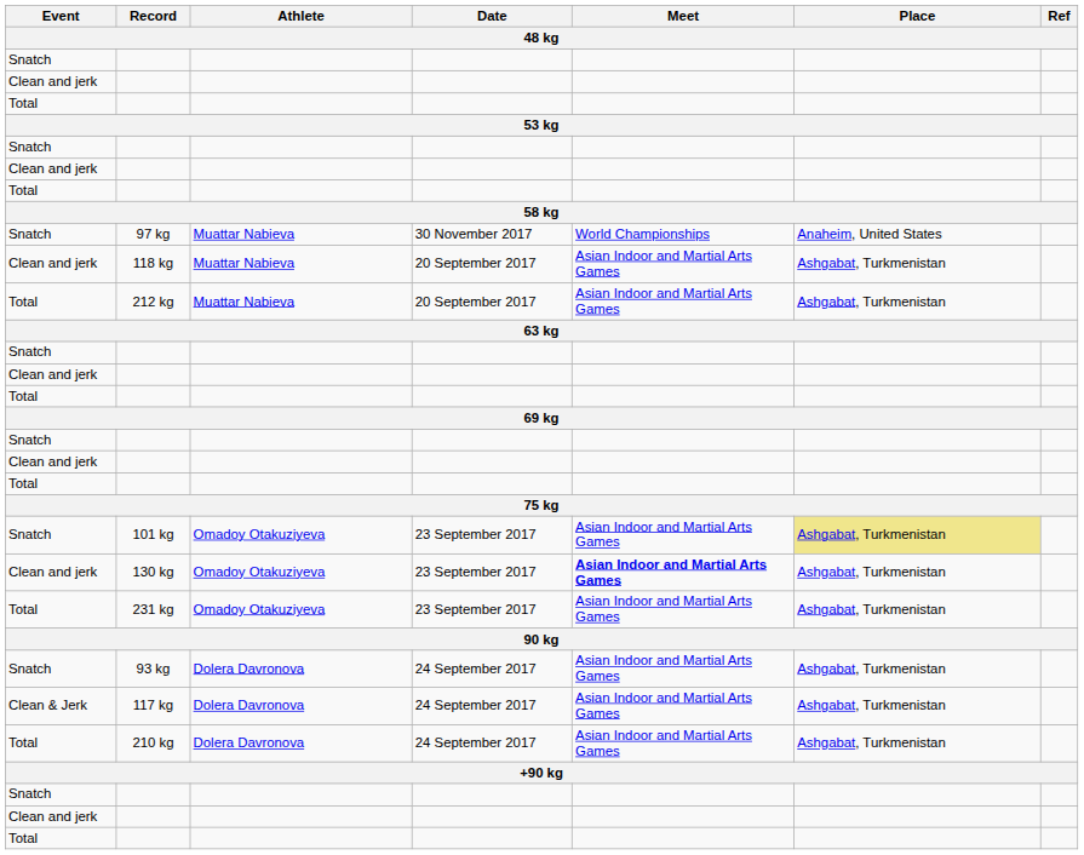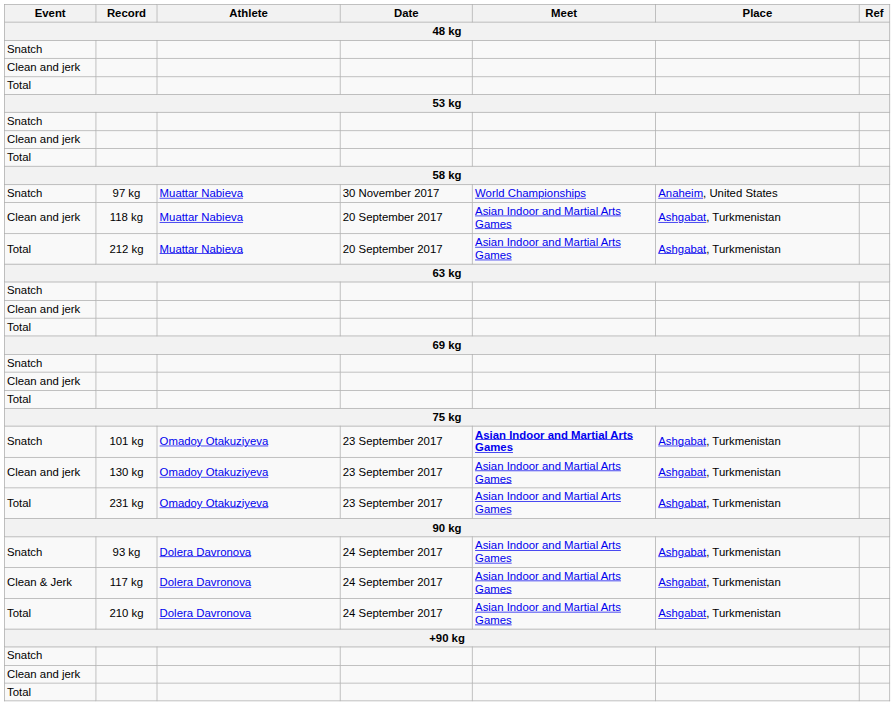 <table class="wikitable">
 <tr>
 <th width=9%>Event</th>
 <th width=6%>Record</th>
 <th width=18%>Athlete</th>
 <th width=13%>Date</th>
 <th width=18%>Meet</th>
 <th width=20%>Place</th>
 <th width=3%>Ref</th>
 </tr>
 <tr bgcolor="#DDDDDD">
 <th colspan="8">48 kg</th>
 </tr>
 <tr>
 <td>Snatch</td>
 <td></td>
 <td></td>
 <td></td>
 <td></td>
 <td></td>
 <td></td>
 </tr>
 <tr>
 <td>Clean and jerk</td>
 <td></td>
 <td></td>
 <td></td>
 <td></td>
 <td></td>
 <td></td>
 </tr>
 <tr>
 <td>Total</td>
 <td></td>
 <td></td>
 <td></td>
 <td></td>
 <td></td>
 <td></td>
 </tr>
 <tr bgcolor="#DDDDDD">
 <th colspan="8">53 kg</th>
 </tr>
 <tr>
 <td>Snatch</td>
 <td></td>
 <td></td>
 <td></td>
 <td></td>
 <td></td>
 <td></td>
 </tr>
 <tr>
 <td>Clean and jerk</td>
 <td align="center"></td>
 <td></td>
 <td></td>
 <td></td>
 <td></td>
 <td></td>
 </tr>
 <tr>
 <td>Total</td>
 <td></td>
 <td></td>
 <td></td>
 <td></td>
 <td></td>
 <td></td>
 </tr>
 <tr bgcolor="#DDDDDD">
 <th colspan="8">58 kg</th>
 </tr>
 <tr>
 <td>Snatch</td>
 <td align="center">97 kg</td>
 <td><a href='#'>Muattar Nabieva</a></td>
 <td>30 November 2017</td>
 <td><a href='#'>World Championships</a></td>
 <td><a href='#'>Anaheim</a>, United States</td>
 <td></td>
 </tr>
 <tr>
 <td>Clean and jerk</td>
 <td align="center">118 kg</td>
 <td><a href='#'>Muattar Nabieva</a></td>
 <td>20 September 2017</td>
 <td><a href='#'>Asian Indoor and Martial Arts Games</a></td>
 <td><a href='#'>Ashgabat</a>, Turkmenistan</td>
 <td></td>
 </tr>
 <tr>
 <td>Total</td>
 <td align="center">212 kg</td>
 <td><a href='#'>Muattar Nabieva</a></td>
 <td>20 September 2017</td>
 <td><a href='#'>Asian Indoor and Martial Arts Games</a></td>
 <td><a href='#'>Ashgabat</a>, Turkmenistan</td>
 <td></td>
 </tr>
 <tr bgcolor="#DDDDDD">
 <th colspan="8">63 kg</th>
 </tr>
 <tr>
 <td>Snatch</td>
 <td></td>
 <td></td>
 <td></td>
 <td></td>
 <td></td>
 <td></td>
 </tr>
 <tr>
 <td>Clean and jerk</td>
 <td></td>
 <td></td>
 <td></td>
 <td></td>
 <td></td>
 <td></td>
 </tr>
 <tr>
 <td>Total</td>
 <td></td>
 <td></td>
 <td></td>
 <td></td>
 <td></td>
 <td></td>
 </tr>
 <tr bgcolor="#DDDDDD">
 <th colspan="8">69 kg</th>
 </tr>
 <tr>
 <td>Snatch</td>
 <td></td>
 <td></td>
 <td></td>
 <td></td>
 <td></td>
 <td></td>
 </tr>
 <tr>
 <td>Clean and jerk</td>
 <td></td>
 <td></td>
 <td></td>
 <td></td>
 <td></td>
 <td></td>
 </tr>
 <tr>
 <td>Total</td>
 <td></td>
 <td></td>
 <td></td>
 <td></td>
 <td></td>
 <td></td>
 </tr>
 <tr bgcolor="#DDDDDD">
 <th colspan="8">75 kg</th>
 </tr>
 <tr>
 <td>Snatch</td>
 <td align="center">101 kg</td>
 <td><a href='#'>Omadoy Otakuziyeva</a></td>
 <td>23 September 2017</td>
-<td><a href='#'>Asian Indoor and Martial Arts Games</a></td>
-<td style="background: khaki;"><a href='#'>Ashgabat</a>, Turkmenistan</td>
+<td><strong><a href='#'>Asian Indoor and Martial Arts Games</a></strong></td>
+<td><a href='#'>Ashgabat</a>, Turkmenistan</td>
 <td></td>
 </tr>
 <tr>
 <td>Clean and jerk</td>
 <td align="center">130 kg</td>
 <td><a href='#'>Omadoy Otakuziyeva</a></td>
 <td>23 September 2017</td>
-<td><strong><a href='#'>Asian Indoor and Martial Arts Games</a></strong></td>
+<td><a href='#'>Asian Indoor and Martial Arts Games</a></td>
 <td><a href='#'>Ashgabat</a>, Turkmenistan</td>
 <td></td>
 </tr>
 <tr>
 <td>Total</td>
 <td align="center">231 kg</td>
 <td><a href='#'>Omadoy Otakuziyeva</a></td>
 <td>23 September 2017</td>
 <td><a href='#'>Asian Indoor and Martial Arts Games</a></td>
 <td><a href='#'>Ashgabat</a>, Turkmenistan</td>
 <td></td>
 </tr>
 <tr bgcolor="#DDDDDD">
 <th colspan="7">90 kg</th>
 </tr>
 <tr>
 <td>Snatch</td>
 <td align="center">93 kg</td>
 <td><a href='#'>Dolera Davronova</a></td>
 <td>24 September 2017</td>
 <td><a href='#'>Asian Indoor and Martial Arts Games</a></td>
 <td><a href='#'>Ashgabat</a>, Turkmenistan</td>
 <td></td>
 </tr>
 <tr>
 <td>Clean & Jerk</td>
 <td align="center">117 kg</td>
 <td><a href='#'>Dolera Davronova</a></td>
 <td>24 September 2017</td>
 <td><a href='#'>Asian Indoor and Martial Arts Games</a></td>
 <td><a href='#'>Ashgabat</a>, Turkmenistan</td>
 <td></td>
 </tr>
 <tr>
 <td>Total</td>
 <td align="center">210 kg</td>
 <td><a href='#'>Dolera Davronova</a></td>
 <td>24 September 2017</td>
 <td><a href='#'>Asian Indoor and Martial Arts Games</a></td>
 <td><a href='#'>Ashgabat</a>, Turkmenistan</td>
 <td></td>
 </tr>
 <tr bgcolor="#DDDDDD">
 <th colspan="8">+90 kg</th>
 </tr>
 <tr>
 <td>Snatch</td>
 <td></td>
 <td></td>
 <td></td>
 <td></td>
 <td></td>
 <td></td>
 </tr>
 <tr>
 <td>Clean and jerk</td>
 <td></td>
 <td></td>
 <td></td>
 <td></td>
 <td></td>
 <td></td>
 </tr>
 <tr>
 <td>Total</td>
 <td></td>
 <td></td>
 <td></td>
 <td></td>
 <td></td>
 <td></td>
 </tr>
 </table>
